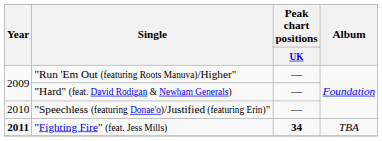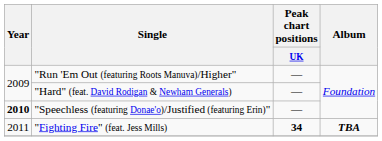 <table class="wikitable" style=text-align:center;>
 <tr>
 <th rowspan="2">Year</th>
 <th rowspan="2">Single</th>
 <th colspan="1">Peak chart positions</th>
 <th rowspan="2">Album</th>
 </tr>
 <tr>
 <th width="35"><small><a href='#'>UK</a></small></th>
 </tr>
 <tr>
 <td rowspan="2">2009</td>
 <td align=left>"Run 'Em Out <small>(featuring Roots Manuva)</small>/Higher"</td>
 <td>—</td>
 <td rowspan="3"><em><a href='#'>Foundation</a></em></td>
 </tr>
 <tr>
 <td align=left>"Hard" <small>(feat. <a href='#'>David Rodigan</a> & <a href='#'>Newham Generals</a>)</small></td>
 <td>—</td>
 </tr>
 <tr>
-<td>2010</td>
+<td><strong>2010</strong></td>
 <td align=left>"Speechless <small>(featuring <a href='#'>Donae'o</a>)</small>/Justified<small> (featuring Erin)</small>"</td>
 <td>—</td>
 </tr>
 <tr>
-<td><strong>2011</strong></td>
+<td>2011</td>
 <td align=left>"<a href='#'>Fighting Fire</a>" <small>(feat. Jess Mills)</small></td>
 <td><strong>34</strong></td>
-<td><em>TBA</em></td>
+<td><strong><em>TBA</em></strong></td>
 </tr>
 <tr>
 </tr>
 </table>
